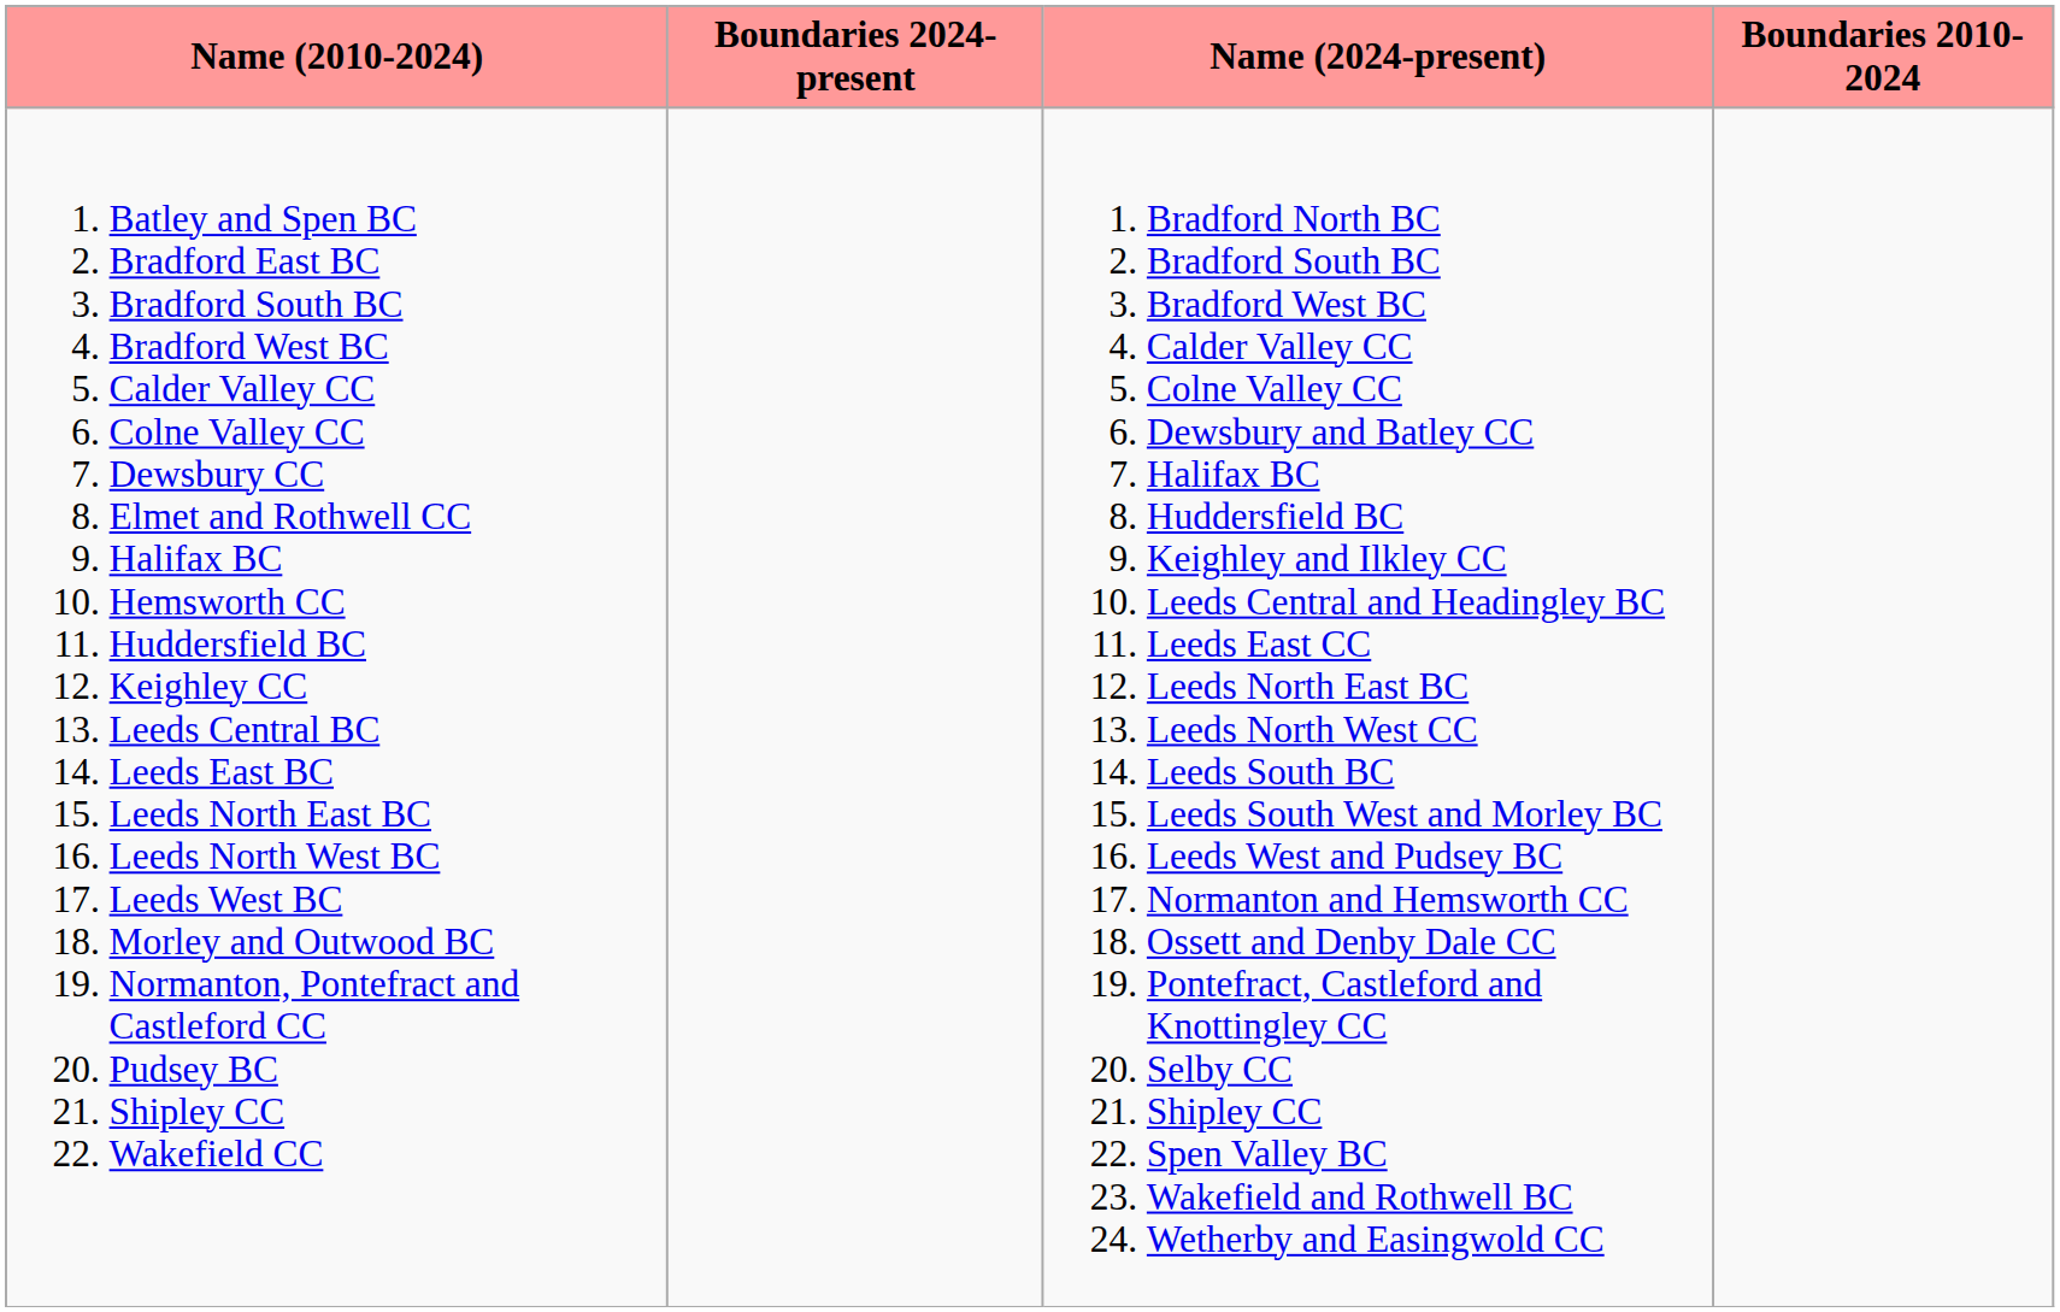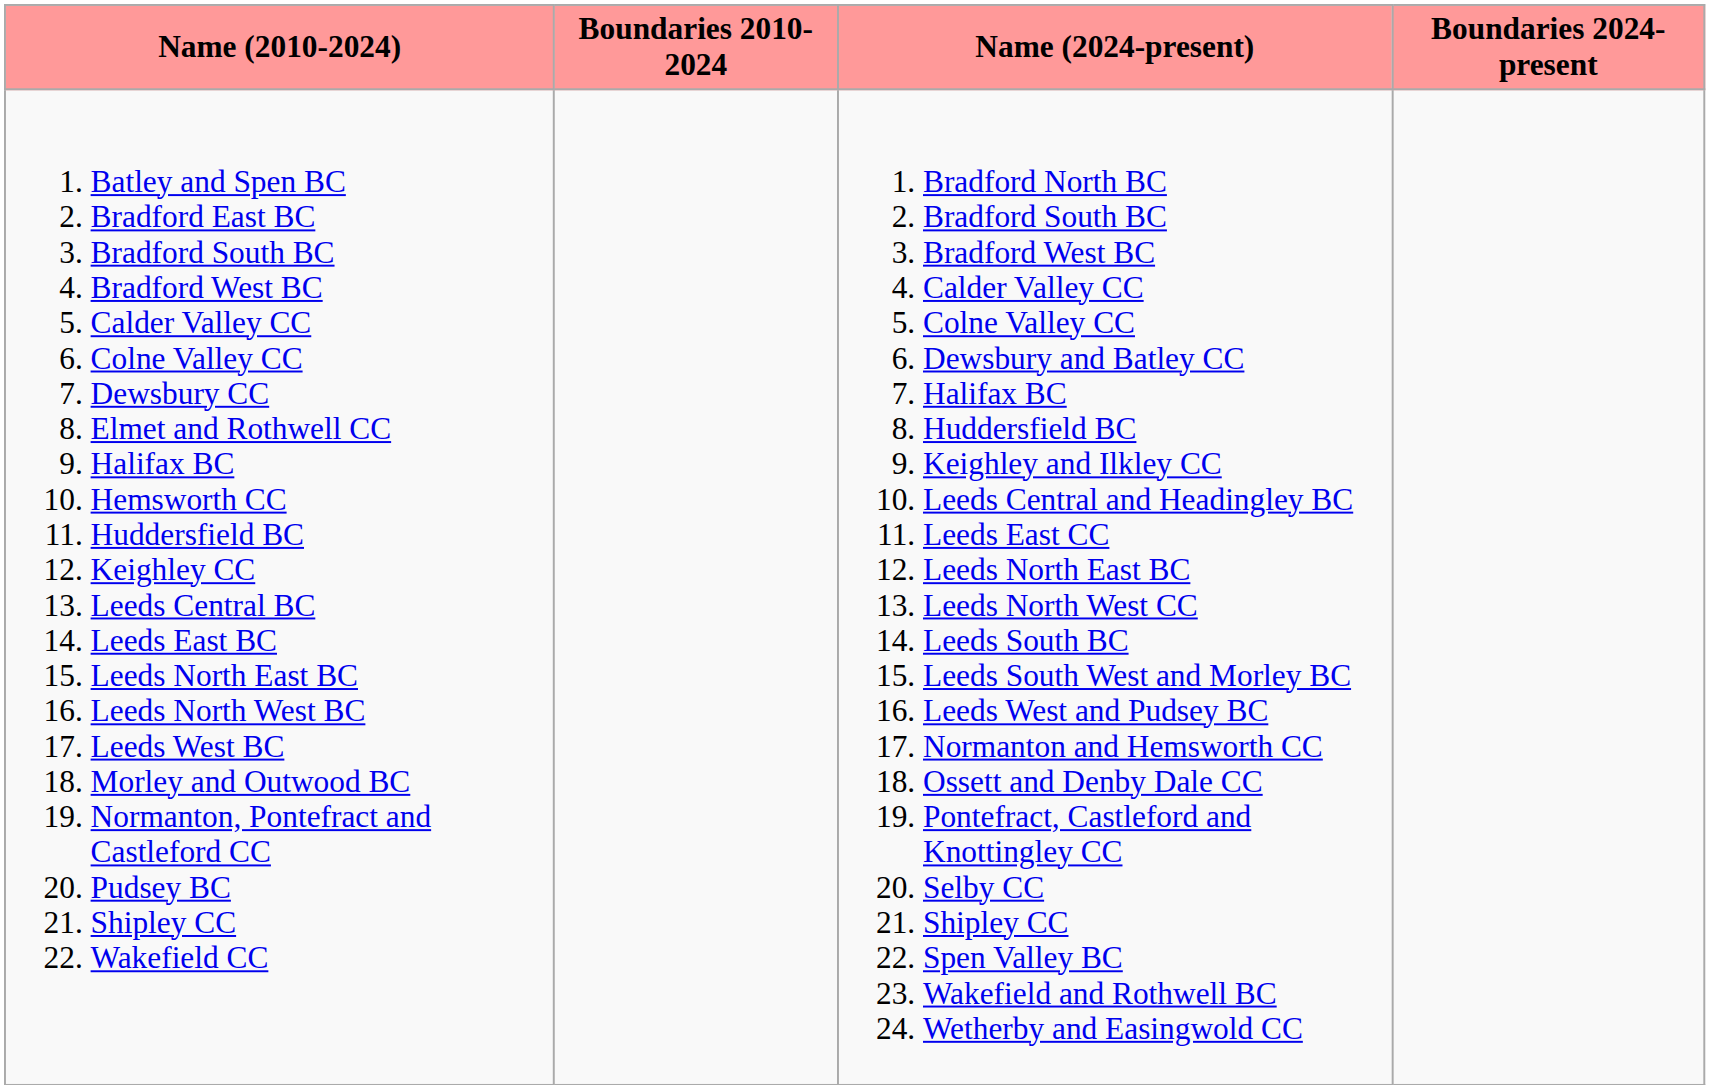 <table class="wikitable">
 <tr>
 <th style="background-color:#ff9999">Name (2010-2024)</th>
+<th style="background-color:#ff9999">Boundaries 2010-2024</th>
+<th style="background-color:#ff9999">Name (2024-present)</th>
 <th style="background-color:#ff9999">Boundaries 2024-present</th>
-<th style="background-color:#ff9999">Name (2024-present)</th>
-<th style="background-color:#ff9999">Boundaries 2010-2024</th>
 </tr>
 <tr>
 <td valign="top"><br><ol><li><a href='#'>Batley and Spen BC</a></li><li><a href='#'>Bradford East BC</a></li><li><a href='#'>Bradford South BC</a></li><li><a href='#'>Bradford West BC</a></li><li><a href='#'>Calder Valley CC</a></li><li><a href='#'>Colne Valley CC</a></li><li><a href='#'>Dewsbury CC</a></li><li><a href='#'>Elmet and Rothwell CC</a></li><li><a href='#'>Halifax BC</a></li><li><a href='#'>Hemsworth CC</a></li><li><a href='#'>Huddersfield BC</a></li><li><a href='#'>Keighley CC</a></li><li><a href='#'>Leeds Central BC</a></li><li><a href='#'>Leeds East BC</a></li><li><a href='#'>Leeds North East BC</a></li><li><a href='#'>Leeds North West BC</a></li><li><a href='#'>Leeds West BC</a></li><li><a href='#'>Morley and Outwood BC</a></li><li><a href='#'>Normanton, Pontefract and Castleford CC</a></li><li><a href='#'>Pudsey BC</a></li><li><a href='#'>Shipley CC</a></li><li><a href='#'>Wakefield CC</a></li></ol></td>
 <td></td>
 <td valign="top"><br><ol><li><a href='#'>Bradford North BC</a></li><li><a href='#'>Bradford South BC</a></li><li><a href='#'>Bradford West BC</a></li><li><a href='#'>Calder Valley CC</a></li><li><a href='#'>Colne Valley CC</a></li><li><a href='#'>Dewsbury and Batley CC</a></li><li><a href='#'>Halifax BC</a></li><li><a href='#'>Huddersfield BC</a></li><li><a href='#'>Keighley and Ilkley CC</a></li><li><a href='#'>Leeds Central and Headingley BC</a></li><li><a href='#'>Leeds East CC</a></li><li><a href='#'>Leeds North East BC</a></li><li><a href='#'>Leeds North West CC</a></li><li><a href='#'>Leeds South BC</a></li><li><a href='#'>Leeds South West and Morley BC</a></li><li><a href='#'>Leeds West and Pudsey BC</a></li><li><a href='#'>Normanton and Hemsworth CC</a></li><li><a href='#'>Ossett and Denby Dale CC</a></li><li><a href='#'>Pontefract, Castleford and Knottingley CC</a></li><li><a href='#'>Selby CC</a></li><li><a href='#'>Shipley CC</a></li><li><a href='#'>Spen Valley BC</a></li><li><a href='#'>Wakefield and Rothwell BC</a></li><li><a href='#'>Wetherby and Easingwold CC</a></li></ol></td>
 <td></td>
 </tr>
 </table>
